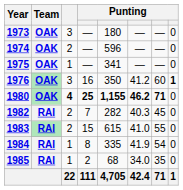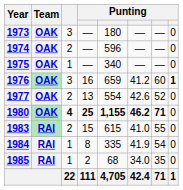 <table class="wikitable" style="text-align:center;">
 <tr>
 <th rowspan="2">Year</th>
 <th rowspan="2">Team</th>
 <th rowspan="2"></th>
 <th colspan="5">Punting</th>
 </tr>
 <tr>
 <th></th>
 <th></th>
 <th></th>
 <th></th>
 <th></th>
 </tr>
 <tr>
 <th><a href='#'>1973</a></th>
 <th><a href='#'>OAK</a></th>
 <td>3</td>
 <td>—</td>
 <td>180</td>
 <td>—</td>
 <td>—</td>
 <td>0</td>
 </tr>
 <tr>
 <th><a href='#'>1974</a></th>
 <th><a href='#'>OAK</a></th>
 <td>2</td>
 <td>—</td>
 <td>596</td>
 <td>—</td>
 <td>—</td>
 <td>0</td>
 </tr>
 <tr>
 <th><a href='#'>1975</a></th>
 <th><a href='#'>OAK</a></th>
 <td>1</td>
 <td>—</td>
-<td>341</td>
+<td>340</td>
 <td>—</td>
 <td>—</td>
 <td>0</td>
 </tr>
 <tr>
 <th><a href='#'>1976</a></th>
 <th style="background:#afe6ba;"><a href='#'>OAK</a></th>
 <td>3</td>
 <td>16</td>
-<td>350</td>
+<td>659</td>
 <td>41.2</td>
 <td>60</td>
 <td><strong>1</strong></td>
+</tr>
+<tr>
+<th><a href='#'>1977</a></th>
+<th><a href='#'>OAK</a></th>
+<td>2</td>
+<td>13</td>
+<td>554</td>
+<td>42.6</td>
+<td>52</td>
+<td>0</td>
 </tr>
 <tr>
 <th><a href='#'>1980</a></th>
 <th style="background:#afe6ba;"><a href='#'>OAK</a></th>
 <td><strong>4</strong></td>
 <td><strong>25</strong></td>
 <td><strong>1,155</strong></td>
 <td><strong>46.2</strong></td>
 <td><strong>71</strong></td>
-<td>0</td>
-</tr>
-<tr>
-<th><a href='#'>1982</a></th>
-<th><a href='#'>RAI</a></th>
-<td>2</td>
-<td>7</td>
-<td>282</td>
-<td>40.3</td>
-<td>45</td>
 <td>0</td>
 </tr>
 <tr>
 <th><a href='#'>1983</a></th>
 <th style="background:#afe6ba;"><a href='#'>RAI</a></th>
 <td>2</td>
 <td>15</td>
 <td>615</td>
 <td>41.0</td>
 <td>55</td>
 <td>0</td>
 </tr>
 <tr>
 <th><a href='#'>1984</a></th>
 <th><a href='#'>RAI</a></th>
 <td>1</td>
 <td>8</td>
 <td>335</td>
 <td>41.9</td>
 <td>54</td>
 <td>0</td>
 </tr>
 <tr>
 <th><a href='#'>1985</a></th>
 <th><a href='#'>RAI</a></th>
 <td>1</td>
 <td>2</td>
 <td>68</td>
 <td>34.0</td>
 <td>35</td>
 <td>0</td>
 </tr>
 <tr>
 <th colspan="2"></th>
 <th>22</th>
 <th>111</th>
 <th>4,705</th>
 <th>42.4</th>
 <th>71</th>
 <th>1</th>
 </tr>
 </table>
